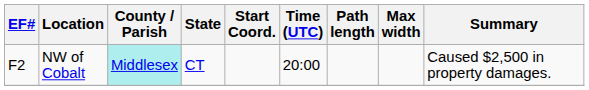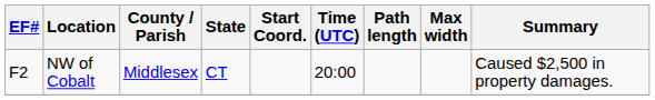 <table class="wikitable sortable" style="width:100%;">
 <tr>
 <th scope="col"  style="width:3%; text-align:center;"><a href='#'>EF#</a></th>
 <th scope="col"  style="width:7%; text-align:center;" class="unsortable">Location</th>
 <th scope="col"  style="width:6%; text-align:center;" class="unsortable">County / Parish</th>
 <th scope="col"  style="width:5%; text-align:center;">State</th>
 <th scope="col"  style="width:6%; text-align:center;">Start Coord.</th>
 <th scope="col"  style="width:6%; text-align:center;">Time (<a href='#'>UTC</a>)</th>
 <th scope="col"  style="width:6%; text-align:center;">Path length</th>
 <th scope="col"  style="width:6%; text-align:center;">Max width</th>
 <th scope="col" class="unsortable" style="width:48%; text-align:center;">Summary</th>
 </tr>
 <tr>
 <td bgcolor=>F2</td>
 <td>NW of <a href='#'>Cobalt</a></td>
-<td style="background: paleturquoise;"><a href='#'>Middlesex</a></td>
+<td><a href='#'>Middlesex</a></td>
 <td><a href='#'>CT</a></td>
 <td></td>
 <td>20:00</td>
 <td></td>
 <td></td>
 <td>Caused $2,500 in property damages.</td>
 </tr>
 <tr>
 </tr>
 </table>
